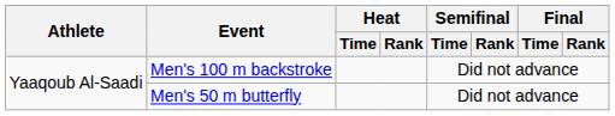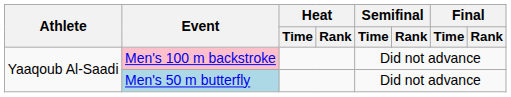 <table class=wikitable style="font-size:90%">
 <tr>
 <th rowspan="2">Athlete</th>
 <th rowspan="2">Event</th>
 <th colspan="2">Heat</th>
 <th colspan="2">Semifinal</th>
 <th colspan="2">Final</th>
 </tr>
 <tr style="font-size:95%">
 <th>Time</th>
 <th>Rank</th>
 <th>Time</th>
 <th>Rank</th>
 <th>Time</th>
 <th>Rank</th>
 </tr>
 <tr align=center>
 <td align=left rowspan=2>Yaaqoub Al-Saadi</td>
-<td align=left><a href='#'>Men's 100 m backstroke</a></td>
+<td align=left style="background: pink;"><a href='#'>Men's 100 m backstroke</a></td>
 <td colspan=2></td>
 <td colspan=4>Did not advance</td>
 </tr>
 <tr align=center>
-<td align=left><a href='#'>Men's 50 m butterfly</a></td>
+<td align=left style="background: lightblue;"><a href='#'>Men's 50 m butterfly</a></td>
 <td colspan=2></td>
 <td colspan=4>Did not advance</td>
 </tr>
 </table>
